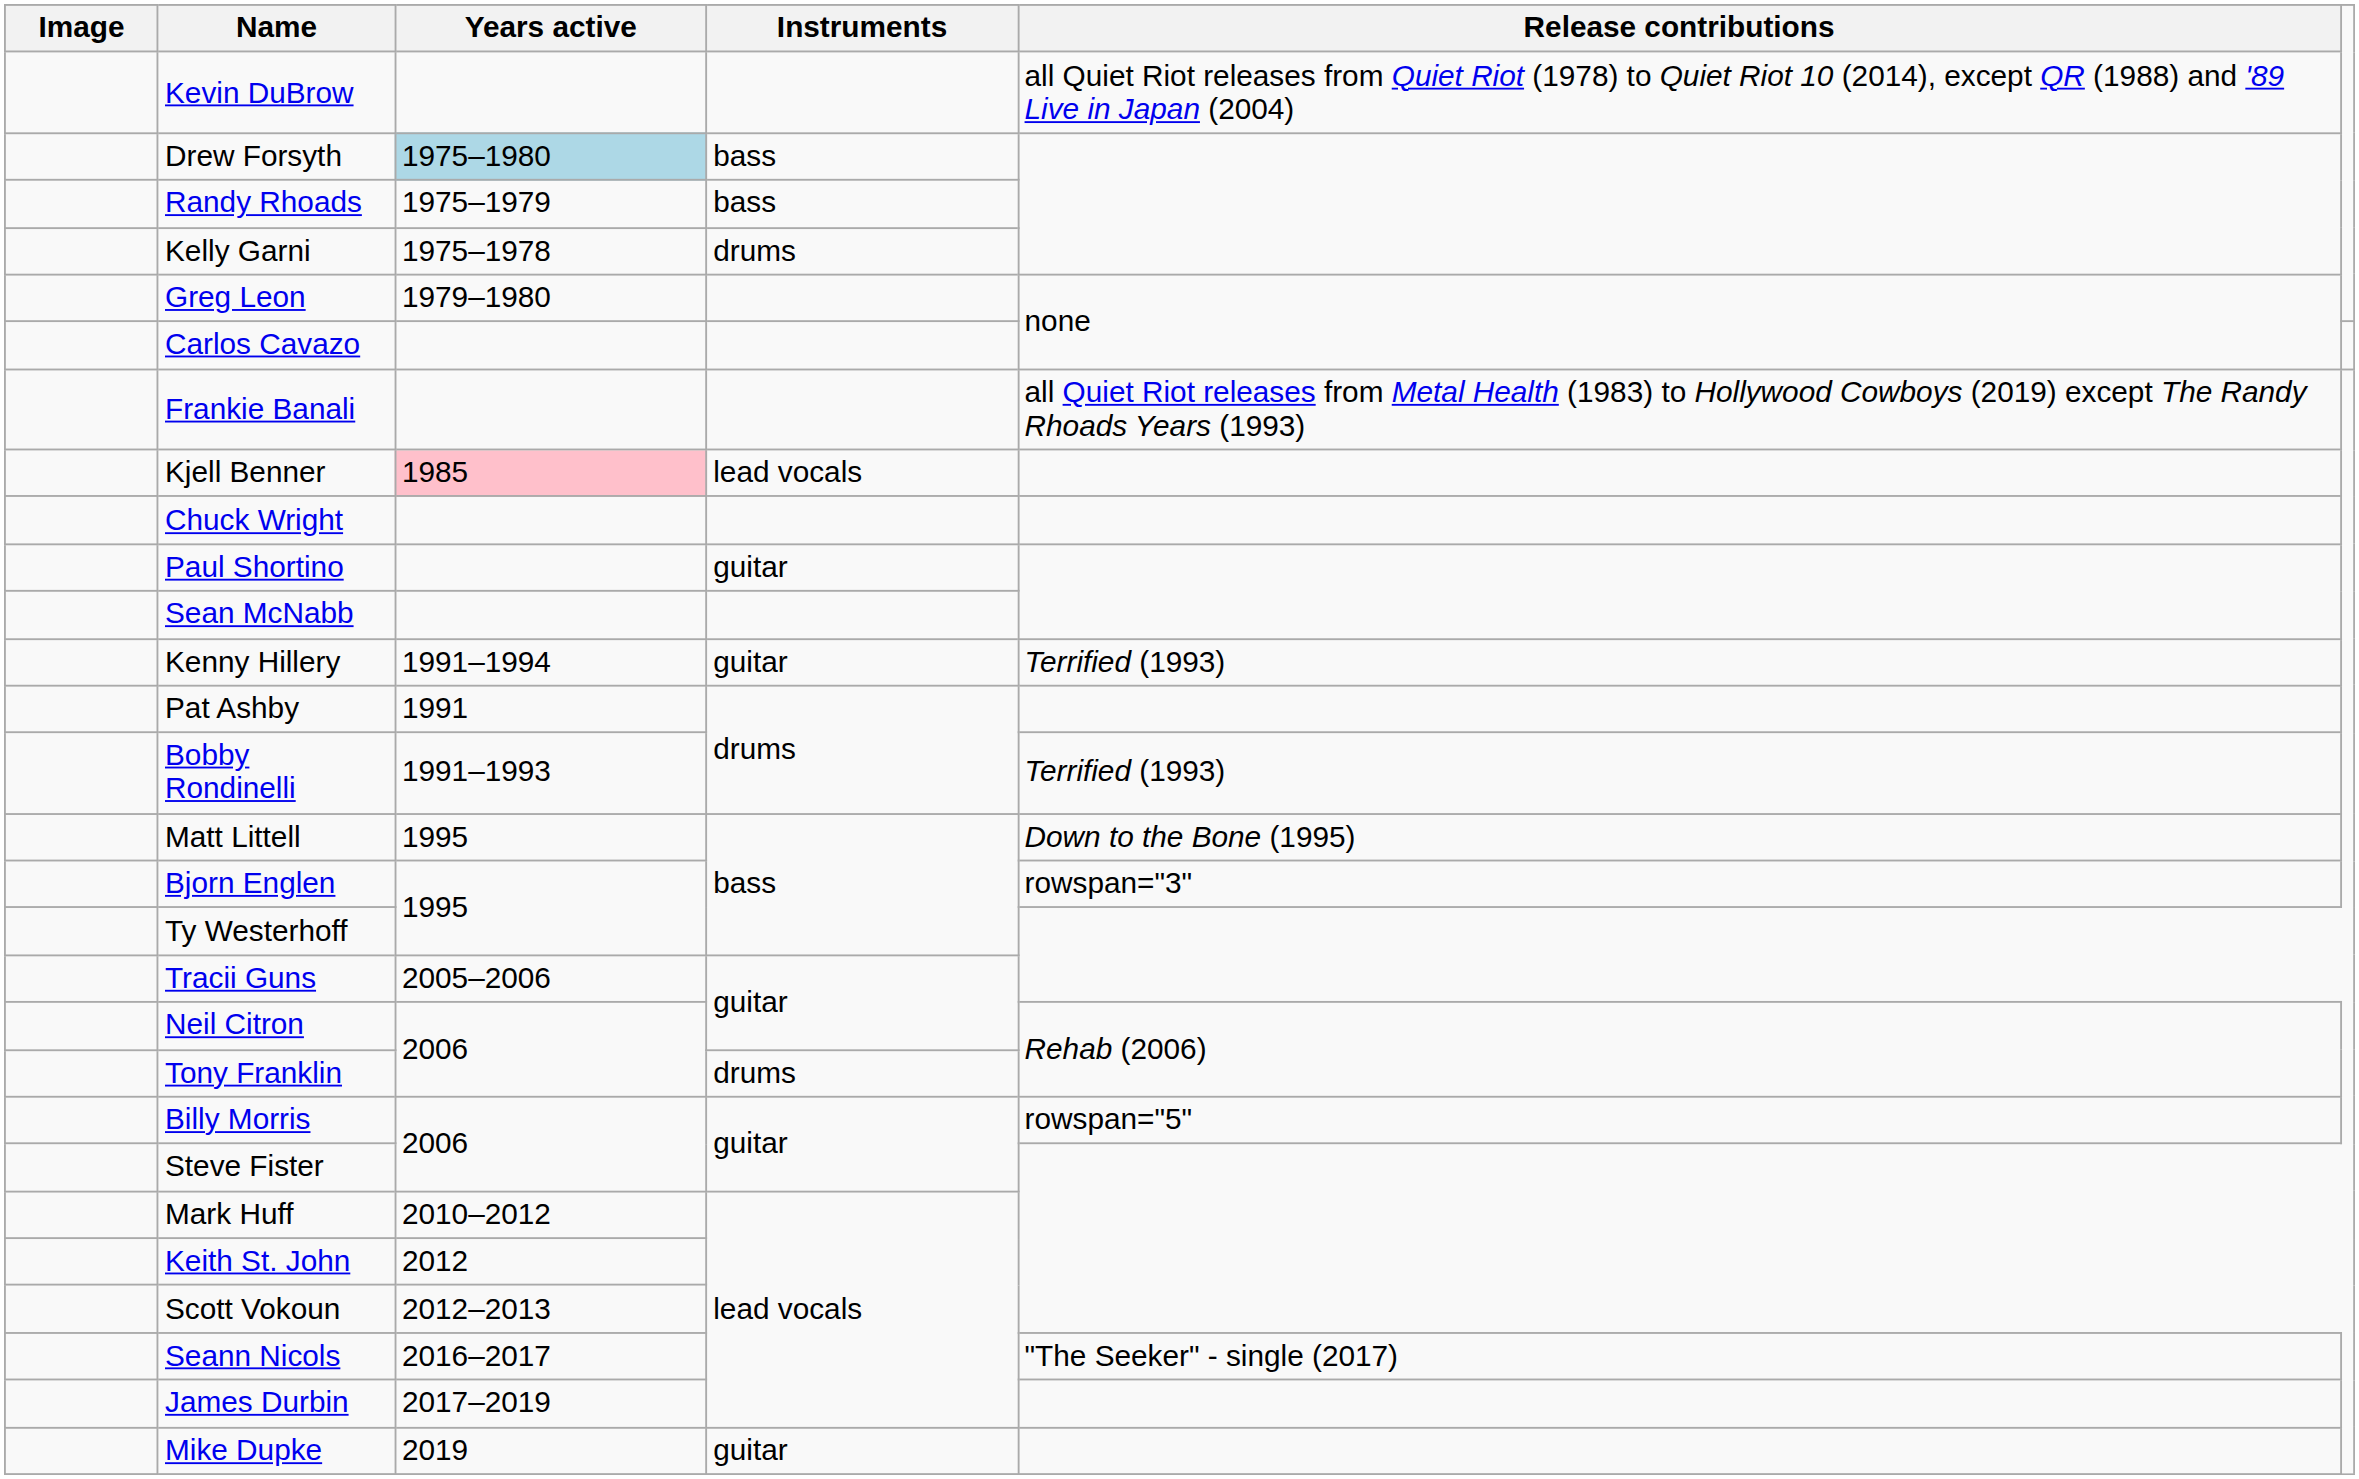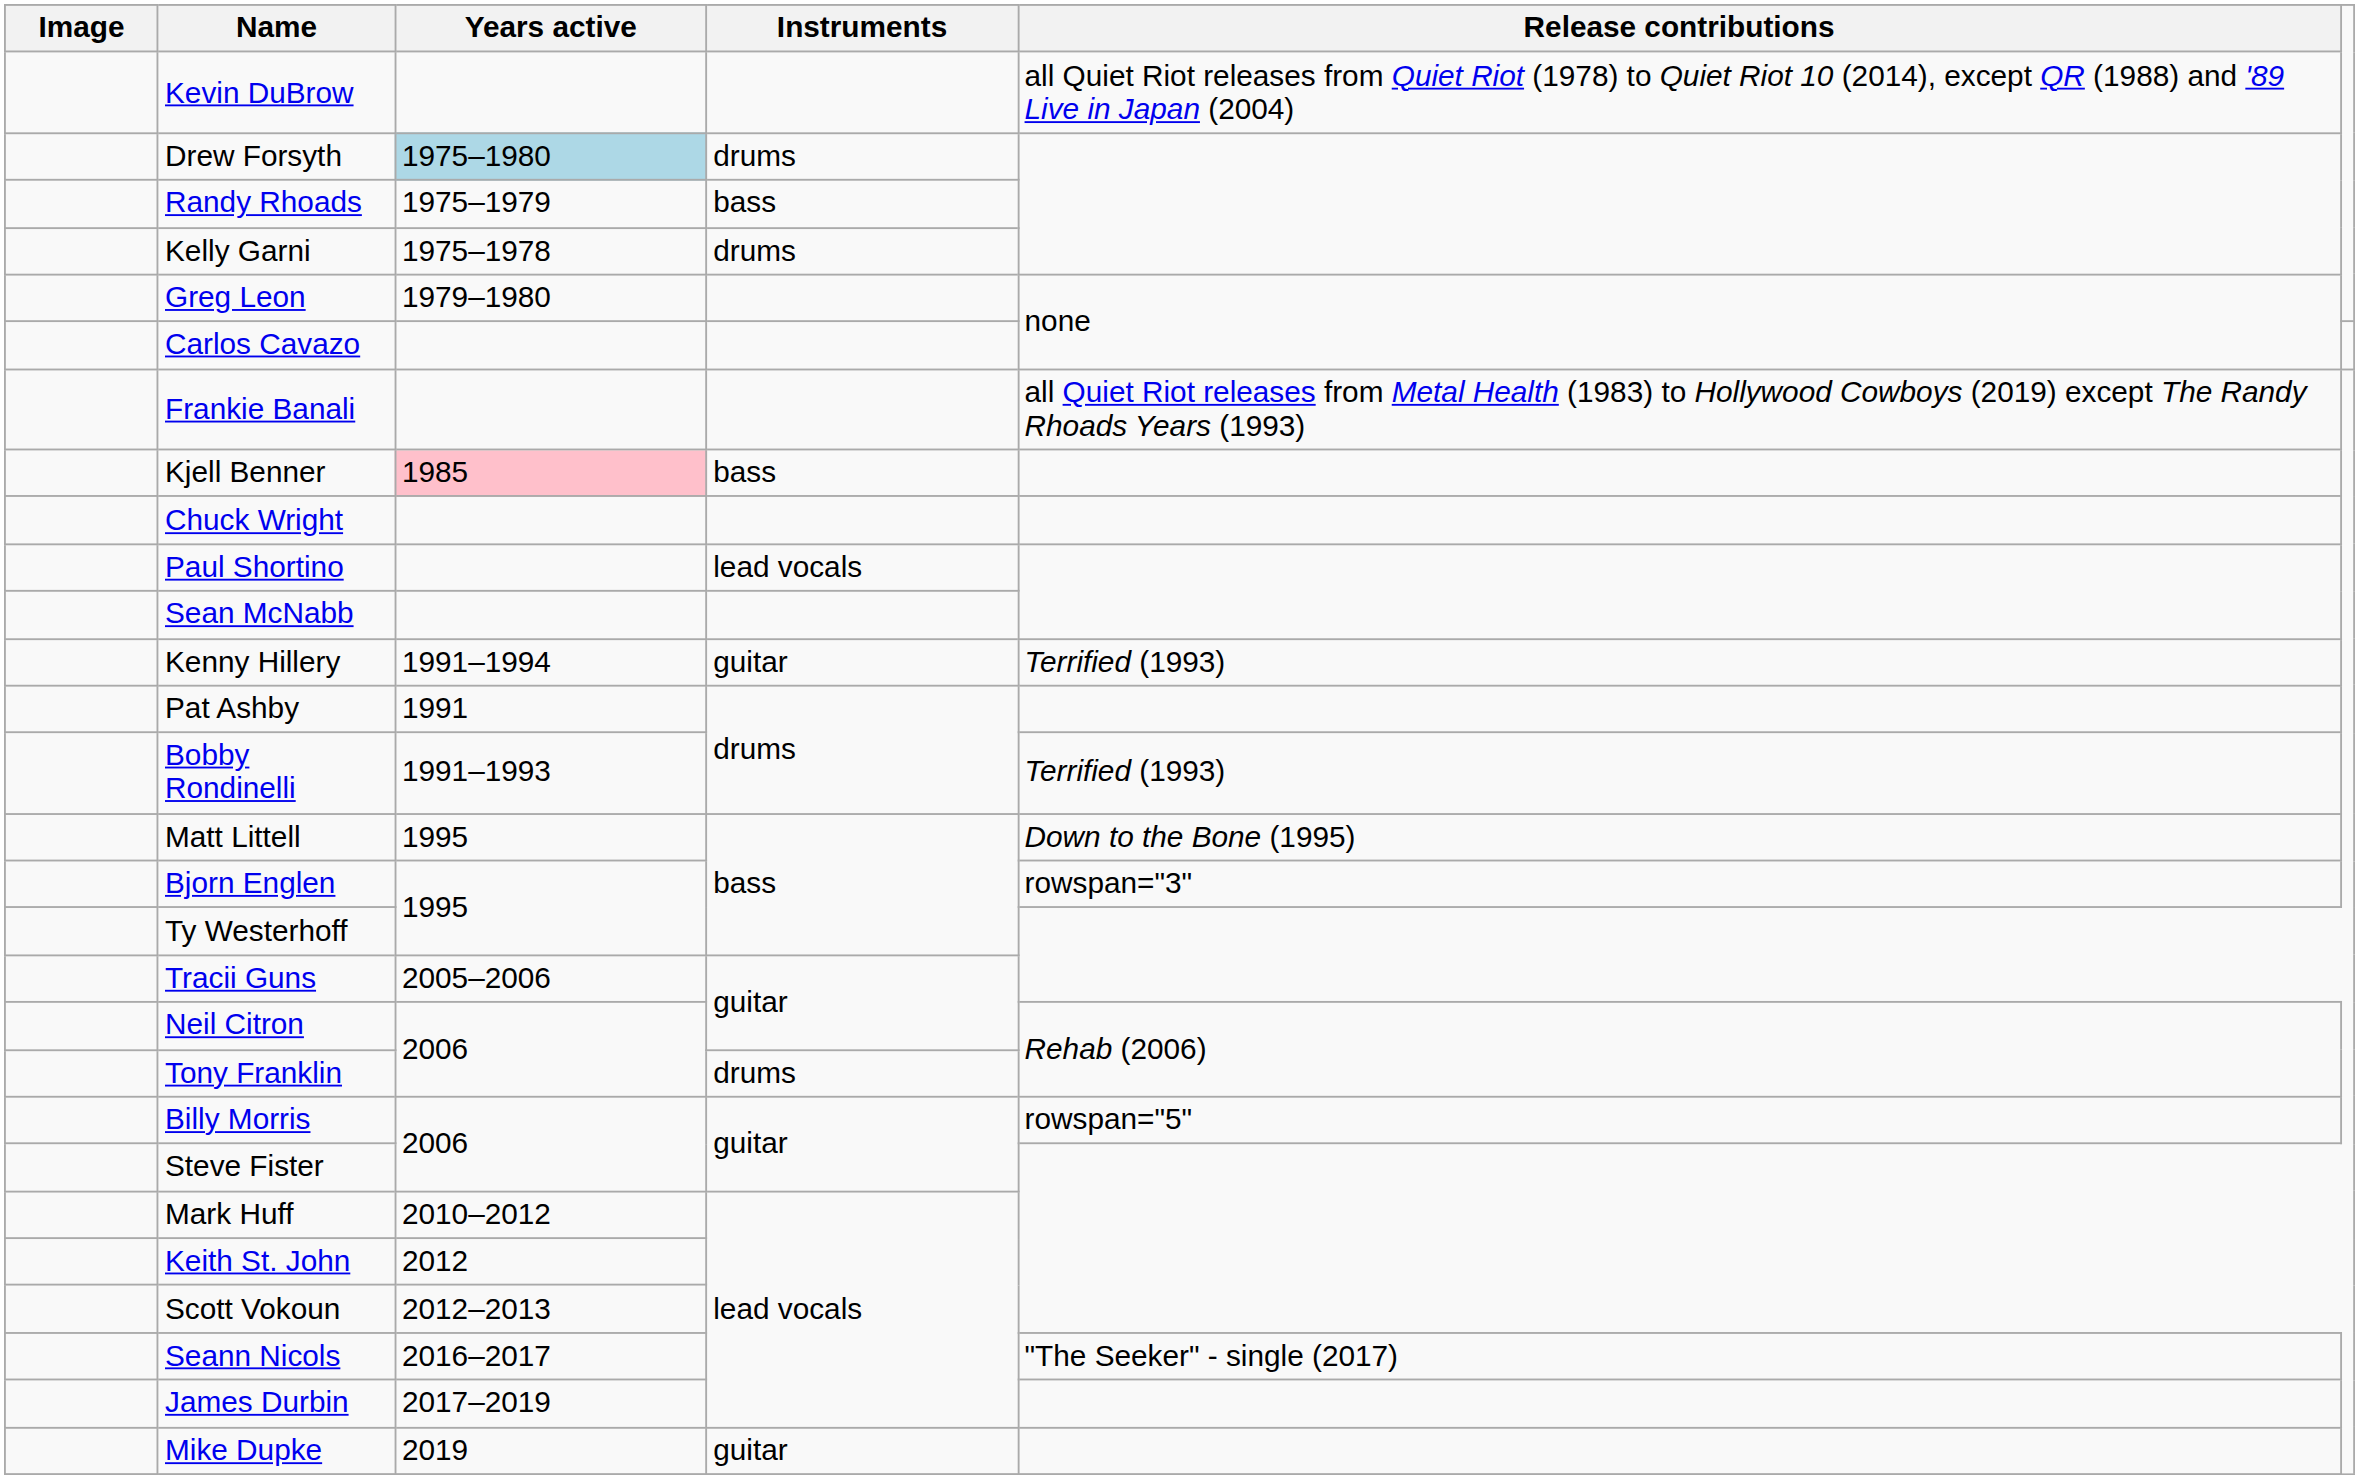 <table class="wikitable" border="1" width=100%>
 <tr>
 <th width="75">Image</th>
 <th width="120">Name</th>
 <th width="160">Years active</th>
 <th width="160">Instruments</th>
 <th>Release contributions</th>
 </tr>
 <tr>
 <td></td>
 <td><a href='#'>Kevin DuBrow</a></td>
 <td></td>
 <td></td>
 <td>all Quiet Riot releases from <em><a href='#'>Quiet Riot</a></em> (1978) to <em>Quiet Riot 10</em> (2014), except <em><a href='#'>QR</a></em> (1988) and <em><a href='#'>'89 Live in Japan</a></em> (2004)</td>
 </tr>
 <tr>
 <td></td>
 <td>Drew Forsyth</td>
 <td style="background: lightblue;">1975–1980</td>
-<td>bass</td>
+<td>drums</td>
 <td rowspan="3"></td>
 </tr>
 <tr>
 <td></td>
 <td><a href='#'>Randy Rhoads</a></td>
 <td>1975–1979 </td>
 <td>bass</td>
 </tr>
 <tr>
 <td></td>
 <td>Kelly Garni</td>
 <td>1975–1978</td>
 <td>drums</td>
 </tr>
 <tr>
 <td></td>
 <td><a href='#'>Greg Leon</a></td>
 <td>1979–1980</td>
 <td></td>
 <td rowspan="2">none</td>
 </tr>
 <tr>
 <td></td>
 <td><a href='#'>Carlos Cavazo</a></td>
 <td></td>
 <td></td>
 <td></td>
 </tr>
 <tr>
 <td></td>
 <td><a href='#'>Frankie Banali</a></td>
 <td></td>
 <td></td>
 <td>all <a href='#'>Quiet Riot releases</a> from <em><a href='#'>Metal Health</a></em> (1983) to <em>Hollywood Cowboys</em> (2019) except <em>The Randy Rhoads Years</em> (1993)</td>
 </tr>
 <tr>
 <td></td>
 <td>Kjell Benner</td>
 <td style="background: pink;">1985</td>
-<td>lead vocals</td>
+<td>bass</td>
 <td></td>
 </tr>
 <tr>
 <td></td>
 <td><a href='#'>Chuck Wright</a></td>
 <td></td>
 <td></td>
 <td></td>
 </tr>
 <tr>
 <td></td>
 <td><a href='#'>Paul Shortino</a></td>
 <td></td>
-<td>guitar</td>
+<td>lead vocals</td>
 <td rowspan="2"></td>
 </tr>
 <tr>
 <td></td>
 <td><a href='#'>Sean McNabb</a></td>
 <td></td>
 <td></td>
 </tr>
 <tr>
 <td></td>
 <td>Kenny Hillery</td>
 <td>1991–1994 </td>
 <td>guitar</td>
 <td><em>Terrified</em> (1993)</td>
 </tr>
 <tr>
 <td></td>
 <td>Pat Ashby</td>
 <td>1991</td>
 <td rowspan="2">drums</td>
 <td></td>
 </tr>
 <tr>
 <td></td>
 <td><a href='#'>Bobby Rondinelli</a></td>
 <td>1991–1993</td>
 <td><em>Terrified</em> (1993)</td>
 </tr>
 <tr>
 <td></td>
 <td>Matt Littell</td>
 <td>1995</td>
 <td rowspan="3">bass</td>
 <td><em>Down to the Bone</em> (1995)</td>
 </tr>
 <tr>
 <td></td>
 <td><a href='#'>Bjorn Englen</a></td>
 <td rowspan="2">1995</td>
 <td>rowspan="3" </td>
 </tr>
 <tr>
 <td></td>
 <td>Ty Westerhoff</td>
 </tr>
 <tr>
 <td></td>
 <td><a href='#'>Tracii Guns</a></td>
 <td>2005–2006</td>
 <td rowspan="2">guitar</td>
 </tr>
 <tr>
 <td></td>
 <td><a href='#'>Neil Citron</a></td>
 <td rowspan="2">2006 </td>
 <td rowspan="2"><em>Rehab</em> (2006)</td>
 </tr>
 <tr>
 <td></td>
 <td><a href='#'>Tony Franklin</a></td>
 <td>drums</td>
 </tr>
 <tr>
 <td></td>
 <td><a href='#'>Billy Morris</a></td>
 <td rowspan="2">2006</td>
 <td rowspan="2">guitar</td>
 <td>rowspan="5" </td>
 </tr>
 <tr>
 <td></td>
 <td>Steve Fister</td>
 </tr>
 <tr>
 <td></td>
 <td>Mark Huff</td>
 <td>2010–2012</td>
 <td rowspan="5">lead vocals</td>
 </tr>
 <tr>
 <td></td>
 <td><a href='#'>Keith St. John</a></td>
 <td>2012</td>
 </tr>
 <tr>
 <td></td>
 <td>Scott Vokoun</td>
 <td>2012–2013</td>
 </tr>
 <tr>
 <td></td>
 <td><a href='#'>Seann Nicols</a></td>
 <td>2016–2017</td>
 <td>"The Seeker" - single (2017)</td>
 </tr>
 <tr>
 <td></td>
 <td><a href='#'>James Durbin</a></td>
 <td>2017–2019</td>
 <td></td>
 </tr>
 <tr>
 <td></td>
 <td><a href='#'>Mike Dupke</a></td>
 <td>2019</td>
 <td>guitar</td>
 <td></td>
 </tr>
 <tr>
 </tr>
 </table>
